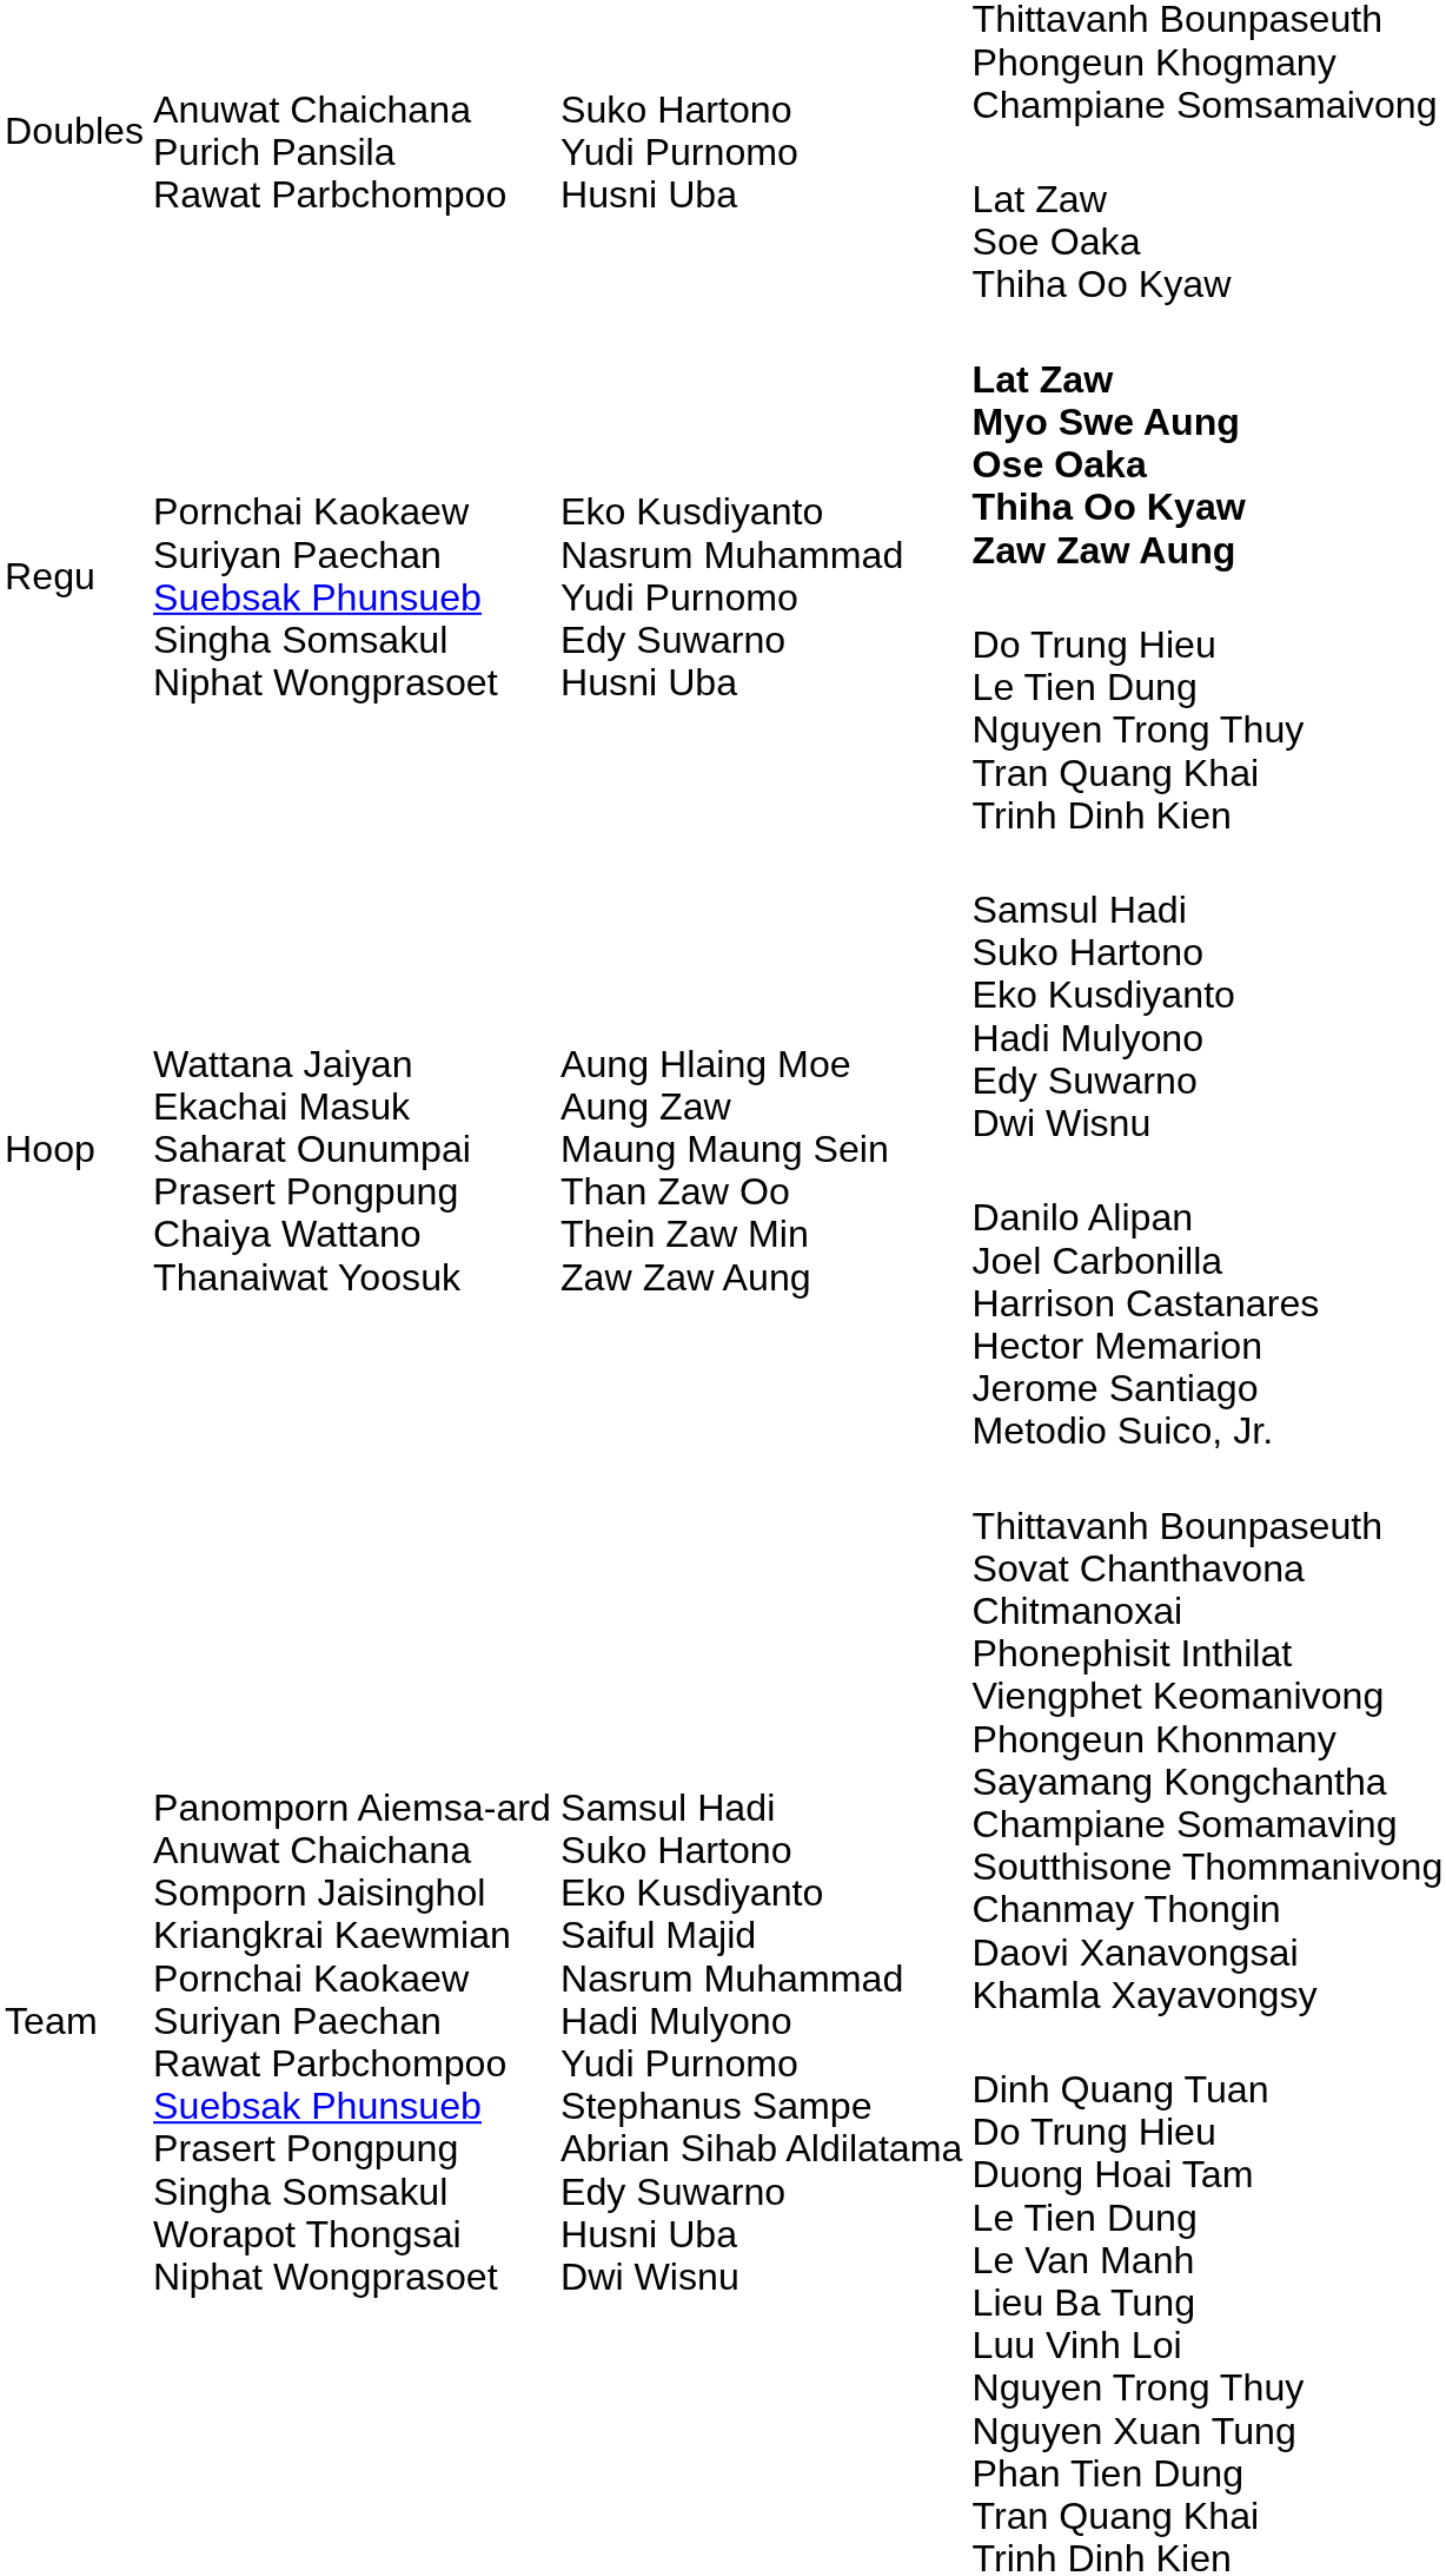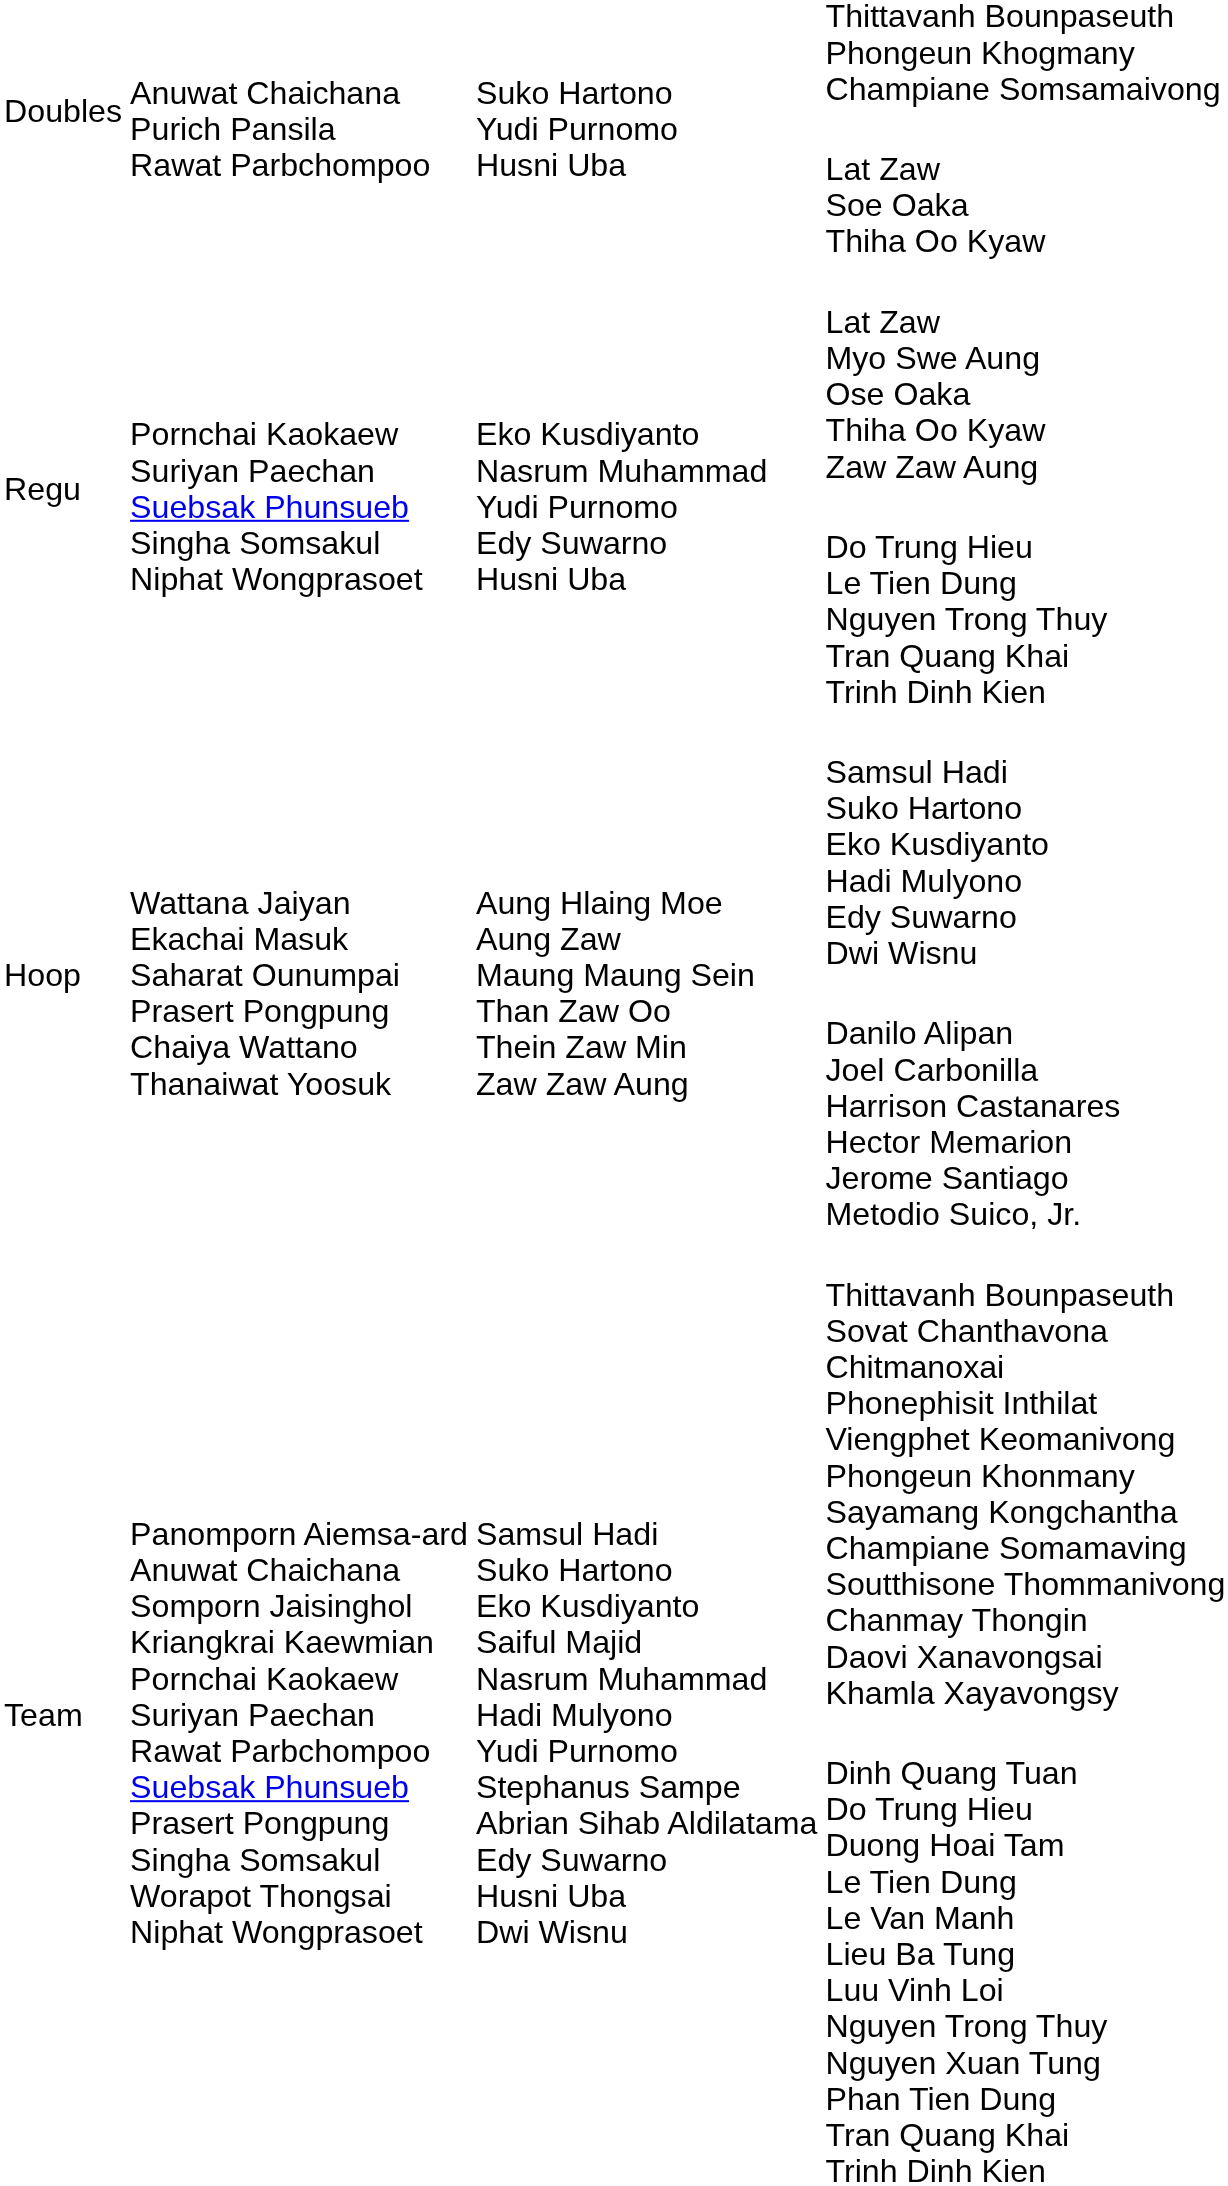 <table>
 <tr>
 <td rowspan=2>Doubles</td>
 <td rowspan=2><br>Anuwat Chaichana<br>Purich Pansila<br>Rawat Parbchompoo</td>
 <td rowspan=2><br>Suko Hartono<br>Yudi Purnomo<br>Husni Uba</td>
 <td><br>Thittavanh Bounpaseuth<br>Phongeun Khogmany<br>Champiane Somsamaivong</td>
 </tr>
 <tr>
 <td><br>Lat Zaw<br>Soe Oaka<br>Thiha Oo Kyaw</td>
 </tr>
 <tr>
 <td rowspan=2>Regu</td>
 <td rowspan=2><br>Pornchai Kaokaew<br>Suriyan Paechan<br><a href='#'>Suebsak Phunsueb</a><br>Singha Somsakul<br>Niphat Wongprasoet</td>
 <td rowspan=2><br>Eko Kusdiyanto<br>Nasrum Muhammad<br>Yudi Purnomo<br>Edy Suwarno<br>Husni Uba</td>
-<td><strong><br>Lat Zaw<br>Myo Swe Aung<br>Ose Oaka<br>Thiha Oo Kyaw<br>Zaw Zaw Aung</strong></td>
+<td><br>Lat Zaw<br>Myo Swe Aung<br>Ose Oaka<br>Thiha Oo Kyaw<br>Zaw Zaw Aung</td>
 </tr>
 <tr>
 <td><br>Do Trung Hieu<br>Le Tien Dung<br>Nguyen Trong Thuy<br>Tran Quang Khai<br>Trinh Dinh Kien</td>
 </tr>
 <tr>
 <td rowspan=2>Hoop</td>
 <td rowspan=2><br>Wattana Jaiyan<br>Ekachai Masuk<br>Saharat Ounumpai<br>Prasert Pongpung<br>Chaiya Wattano<br>Thanaiwat Yoosuk</td>
 <td rowspan=2><br>Aung Hlaing Moe<br>Aung Zaw<br>Maung Maung Sein<br>Than Zaw Oo<br>Thein Zaw Min<br>Zaw Zaw Aung</td>
 <td><br>Samsul Hadi<br>Suko Hartono<br>Eko Kusdiyanto<br>Hadi Mulyono<br>Edy Suwarno<br>Dwi Wisnu</td>
 </tr>
 <tr>
 <td><br>Danilo Alipan<br>Joel Carbonilla<br>Harrison Castanares<br>Hector Memarion<br>Jerome Santiago<br>Metodio Suico, Jr.</td>
 </tr>
 <tr>
 <td rowspan=2>Team</td>
 <td nowrap=true rowspan=2><br>Panomporn Aiemsa-ard<br>Anuwat Chaichana<br>Somporn Jaisinghol<br>Kriangkrai Kaewmian<br>Pornchai Kaokaew<br>Suriyan Paechan<br>Rawat Parbchompoo<br><a href='#'>Suebsak Phunsueb</a><br>Prasert Pongpung<br>Singha Somsakul<br>Worapot Thongsai<br>Niphat Wongprasoet</td>
 <td nowrap=true rowspan=2><br>Samsul Hadi<br>Suko Hartono<br>Eko Kusdiyanto<br>Saiful Majid<br>Nasrum Muhammad<br>Hadi Mulyono<br>Yudi Purnomo<br>Stephanus Sampe<br>Abrian Sihab Aldilatama<br>Edy Suwarno<br>Husni Uba<br>Dwi Wisnu</td>
 <td nowrap=true><br>Thittavanh Bounpaseuth<br>Sovat Chanthavona<br>Chitmanoxai<br>Phonephisit Inthilat<br>Viengphet Keomanivong<br>Phongeun Khonmany<br>Sayamang Kongchantha<br>Champiane Somamaving<br>Soutthisone Thommanivong<br>Chanmay Thongin<br>Daovi Xanavongsai<br>Khamla Xayavongsy</td>
 </tr>
 <tr>
 <td><br>Dinh Quang Tuan<br>Do Trung Hieu<br>Duong Hoai Tam<br>Le Tien Dung<br>Le Van Manh<br>Lieu Ba Tung<br>Luu Vinh Loi<br>Nguyen Trong Thuy<br>Nguyen Xuan Tung<br>Phan Tien Dung<br>Tran Quang Khai<br>Trinh Dinh Kien</td>
 </tr>
 </table>
